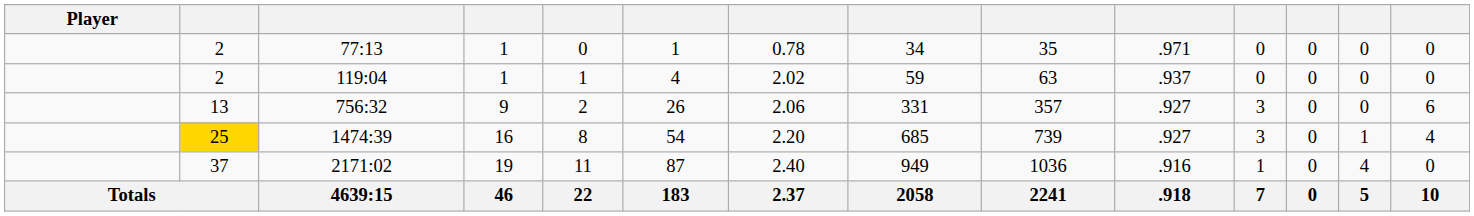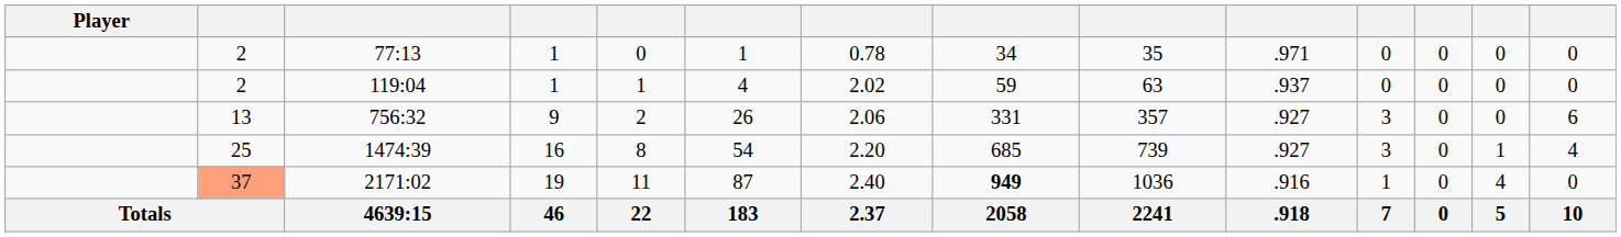 <table class="wikitable sortable" style="width:100%;">
 <tr style="text-align:center; background:#ddd;">
 <th>Player</th>
 <th></th>
 <th></th>
 <th></th>
 <th></th>
 <th></th>
 <th></th>
 <th></th>
 <th></th>
 <th></th>
 <th></th>
 <th></th>
 <th></th>
 <th></th>
 </tr>
 <tr align=center>
 <td style=white-space:nowrap></td>
 <td>2</td>
 <td>77:13</td>
 <td>1</td>
 <td>0</td>
 <td>1</td>
 <td>0.78</td>
 <td>34</td>
 <td>35</td>
 <td>.971</td>
 <td>0</td>
 <td>0</td>
 <td>0</td>
 <td>0</td>
 </tr>
 <tr align=center>
 <td style=white-space:nowrap></td>
 <td>2</td>
 <td>119:04</td>
 <td>1</td>
 <td>1</td>
 <td>4</td>
 <td>2.02</td>
 <td>59</td>
 <td>63</td>
 <td>.937</td>
 <td>0</td>
 <td>0</td>
 <td>0</td>
 <td>0</td>
 </tr>
 <tr align=center>
 <td style=white-space:nowrap></td>
 <td>13</td>
 <td>756:32</td>
 <td>9</td>
 <td>2</td>
 <td>26</td>
 <td>2.06</td>
 <td>331</td>
 <td>357</td>
 <td>.927</td>
 <td>3</td>
 <td>0</td>
 <td>0</td>
 <td>6</td>
 </tr>
 <tr align=center>
 <td style=white-space:nowrap></td>
-<td style="background: gold;">25</td>
+<td>25</td>
 <td>1474:39</td>
 <td>16</td>
 <td>8</td>
 <td>54</td>
 <td>2.20</td>
 <td>685</td>
 <td>739</td>
 <td>.927</td>
 <td>3</td>
 <td>0</td>
 <td>1</td>
 <td>4</td>
 </tr>
 <tr align=center>
 <td style=white-space:nowrap></td>
-<td>37</td>
+<td style="background: lightsalmon;">37</td>
 <td>2171:02</td>
 <td>19</td>
 <td>11</td>
 <td>87</td>
 <td>2.40</td>
-<td>949</td>
+<td><strong>949</strong></td>
 <td>1036</td>
 <td>.916</td>
 <td>1</td>
 <td>0</td>
 <td>4</td>
 <td>0</td>
 </tr>
 <tr class="unsortable">
 <th colspan=2>Totals</th>
 <th>4639:15</th>
 <th>46</th>
 <th>22</th>
 <th>183</th>
 <th>2.37</th>
 <th>2058</th>
 <th>2241</th>
 <th>.918</th>
 <th>7</th>
 <th>0</th>
 <th>5</th>
 <th>10</th>
 </tr>
 </table>
